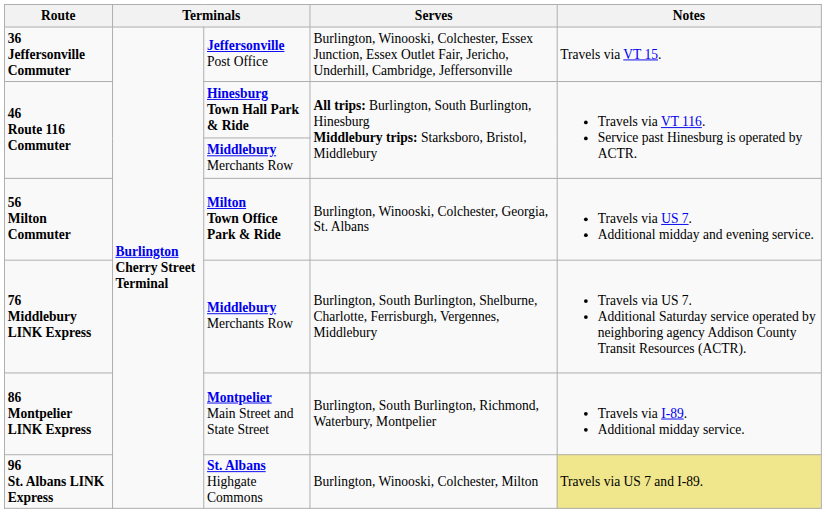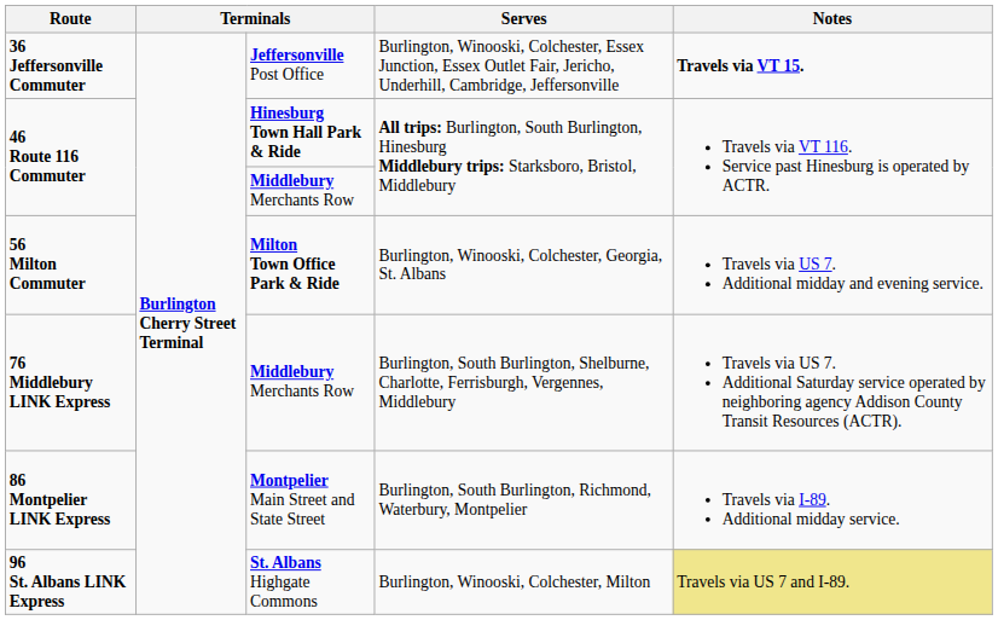 <table class="wikitable" style="font-size: 90%;" |>
 <tr>
 <th><strong>Route</strong></th>
 <th colspan="2"><strong>Terminals</strong></th>
 <th><strong>Serves</strong></th>
 <th><strong>Notes</strong></th>
 </tr>
 <tr>
 <td><strong>36</strong><br><strong>Jeffersonville<br>Commuter</strong></td>
 <td rowspan="7"><strong><a href='#'>Burlington</a></strong><br><strong>Cherry Street Terminal</strong></td>
 <td><strong><a href='#'>Jeffersonville</a></strong><br>Post Office</td>
 <td>Burlington, Winooski, Colchester, Essex Junction, Essex Outlet Fair, Jericho, Underhill, Cambridge, Jeffersonville</td>
-<td>Travels via <a href='#'>VT 15</a>.</td>
+<td><strong>Travels via <a href='#'>VT 15</a>.</strong></td>
 </tr>
 <tr>
 <td rowspan="2"><strong>46</strong><br><strong>Route 116 Commuter</strong></td>
 <td><strong><a href='#'>Hinesburg</a></strong><br><strong>Town Hall Park & Ride</strong></td>
 <td rowspan="2"><strong>All trips:</strong> Burlington, South Burlington, Hinesburg<br><strong>Middlebury trips:</strong> Starksboro, Bristol, Middlebury</td>
 <td rowspan="2"><br><ul><li>Travels via <a href='#'>VT 116</a>.</li><li>Service past Hinesburg is operated by ACTR.</li></ul></td>
 </tr>
 <tr>
 <td><strong><a href='#'>Middlebury</a></strong><br>Merchants Row</td>
 </tr>
 <tr>
 <td><strong>56</strong><br><strong>Milton Commuter</strong></td>
 <td><strong><a href='#'>Milton</a></strong><br><strong>Town Office Park & Ride</strong></td>
 <td>Burlington, Winooski, Colchester, Georgia, St. Albans</td>
 <td><br><ul><li>Travels via <a href='#'>US 7</a>.</li><li>Additional midday and evening service.</li></ul></td>
 </tr>
 <tr>
 <td><strong>76</strong><br><strong>Middlebury LINK Express</strong></td>
 <td><strong><a href='#'>Middlebury</a></strong><br>Merchants Row</td>
 <td>Burlington, South Burlington, Shelburne, Charlotte, Ferrisburgh, Vergennes, Middlebury</td>
 <td><br><ul><li>Travels via US 7.</li><li>Additional Saturday service operated by neighboring agency Addison County Transit Resources (ACTR).</li></ul></td>
 </tr>
 <tr>
 <td><strong>86</strong><br><strong>Montpelier LINK Express</strong></td>
 <td><strong><a href='#'>Montpelier</a></strong><br>Main Street and State Street</td>
 <td>Burlington, South Burlington, Richmond, Waterbury, Montpelier</td>
 <td><br><ul><li>Travels via <a href='#'>I-89</a>.</li><li>Additional midday service.</li></ul></td>
 </tr>
 <tr>
 <td><strong>96</strong><br><strong>St. Albans LINK Express</strong></td>
 <td><strong><a href='#'>St. Albans</a></strong><br>Highgate Commons</td>
 <td>Burlington, Winooski, Colchester, Milton</td>
 <td style="background: khaki;">Travels via US 7 and I-89.</td>
 </tr>
 </table>
